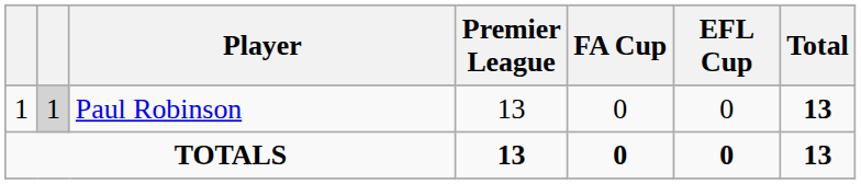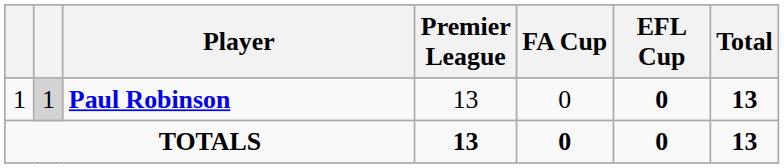 <table class="wikitable sortable" style="font-size: 95%; text-align: center;">
 <tr>
 <th width=10></th>
 <th width=10></th>
 <th width=200>Player</th>
 <th width=50>Premier League</th>
 <th width=50>FA Cup</th>
 <th width=50>EFL Cup</th>
 <th>Total</th>
 </tr>
 <tr>
 <td>1</td>
 <td style="background: lightgrey;">1</td>
-<td align="left"> <a href='#'>Paul Robinson</a></td>
+<td align="left"><strong> <a href='#'>Paul Robinson</a></strong></td>
 <td>13</td>
 <td>0</td>
-<td>0</td>
+<td><strong>0</strong></td>
 <td><strong>13</strong></td>
 </tr>
 <tr>
 <td colspan="3"><strong>TOTALS</strong></td>
 <td><strong>13</strong></td>
 <td><strong>0</strong></td>
 <td><strong>0</strong></td>
 <td><strong>13</strong></td>
 </tr>
 </table>
